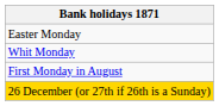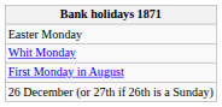 <table class="wikitable">
 <tr>
 <th scope="col">Bank holidays 1871</th>
 </tr>
 <tr>
 <td>Easter Monday</td>
 </tr>
 <tr>
 <td><a href='#'>Whit Monday</a></td>
 </tr>
 <tr>
 <td><a href='#'>First Monday in August</a></td>
 </tr>
 <tr>
-<td style="background: gold;">26 December (or 27th if 26th is a Sunday)</td>
+<td>26 December (or 27th if 26th is a Sunday)</td>
 </tr>
 </table>
